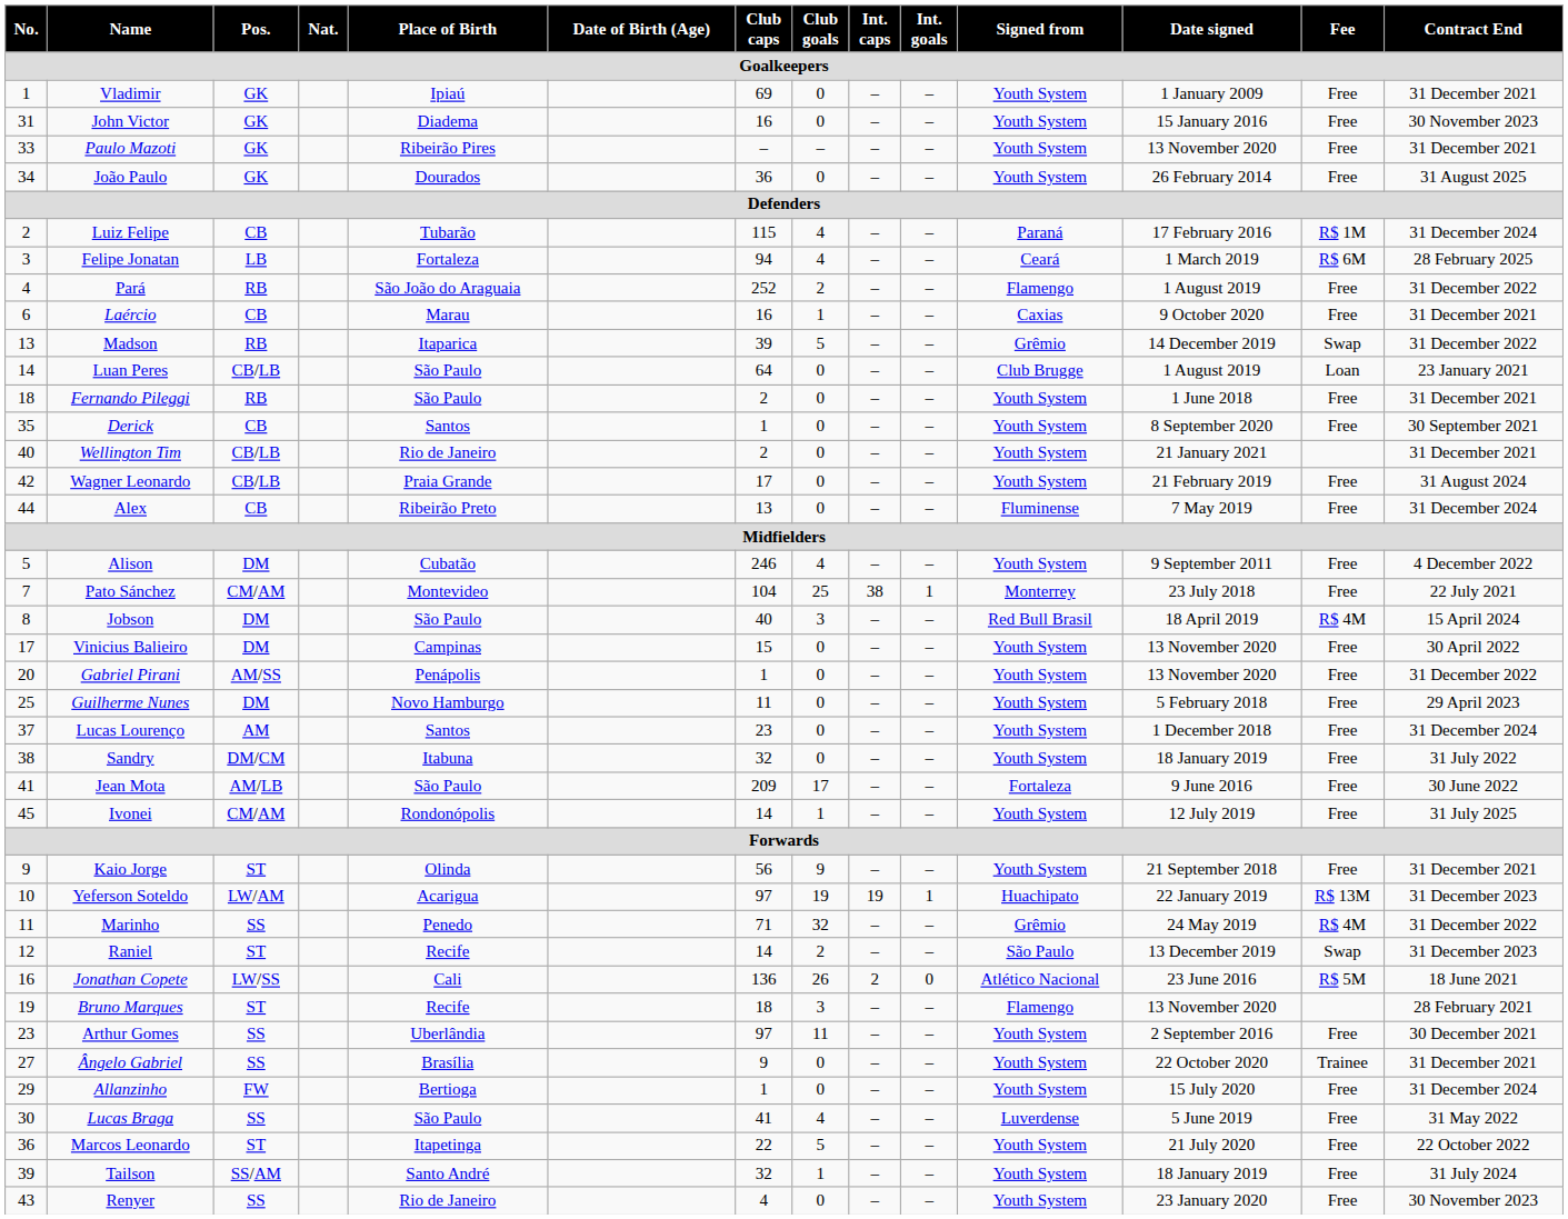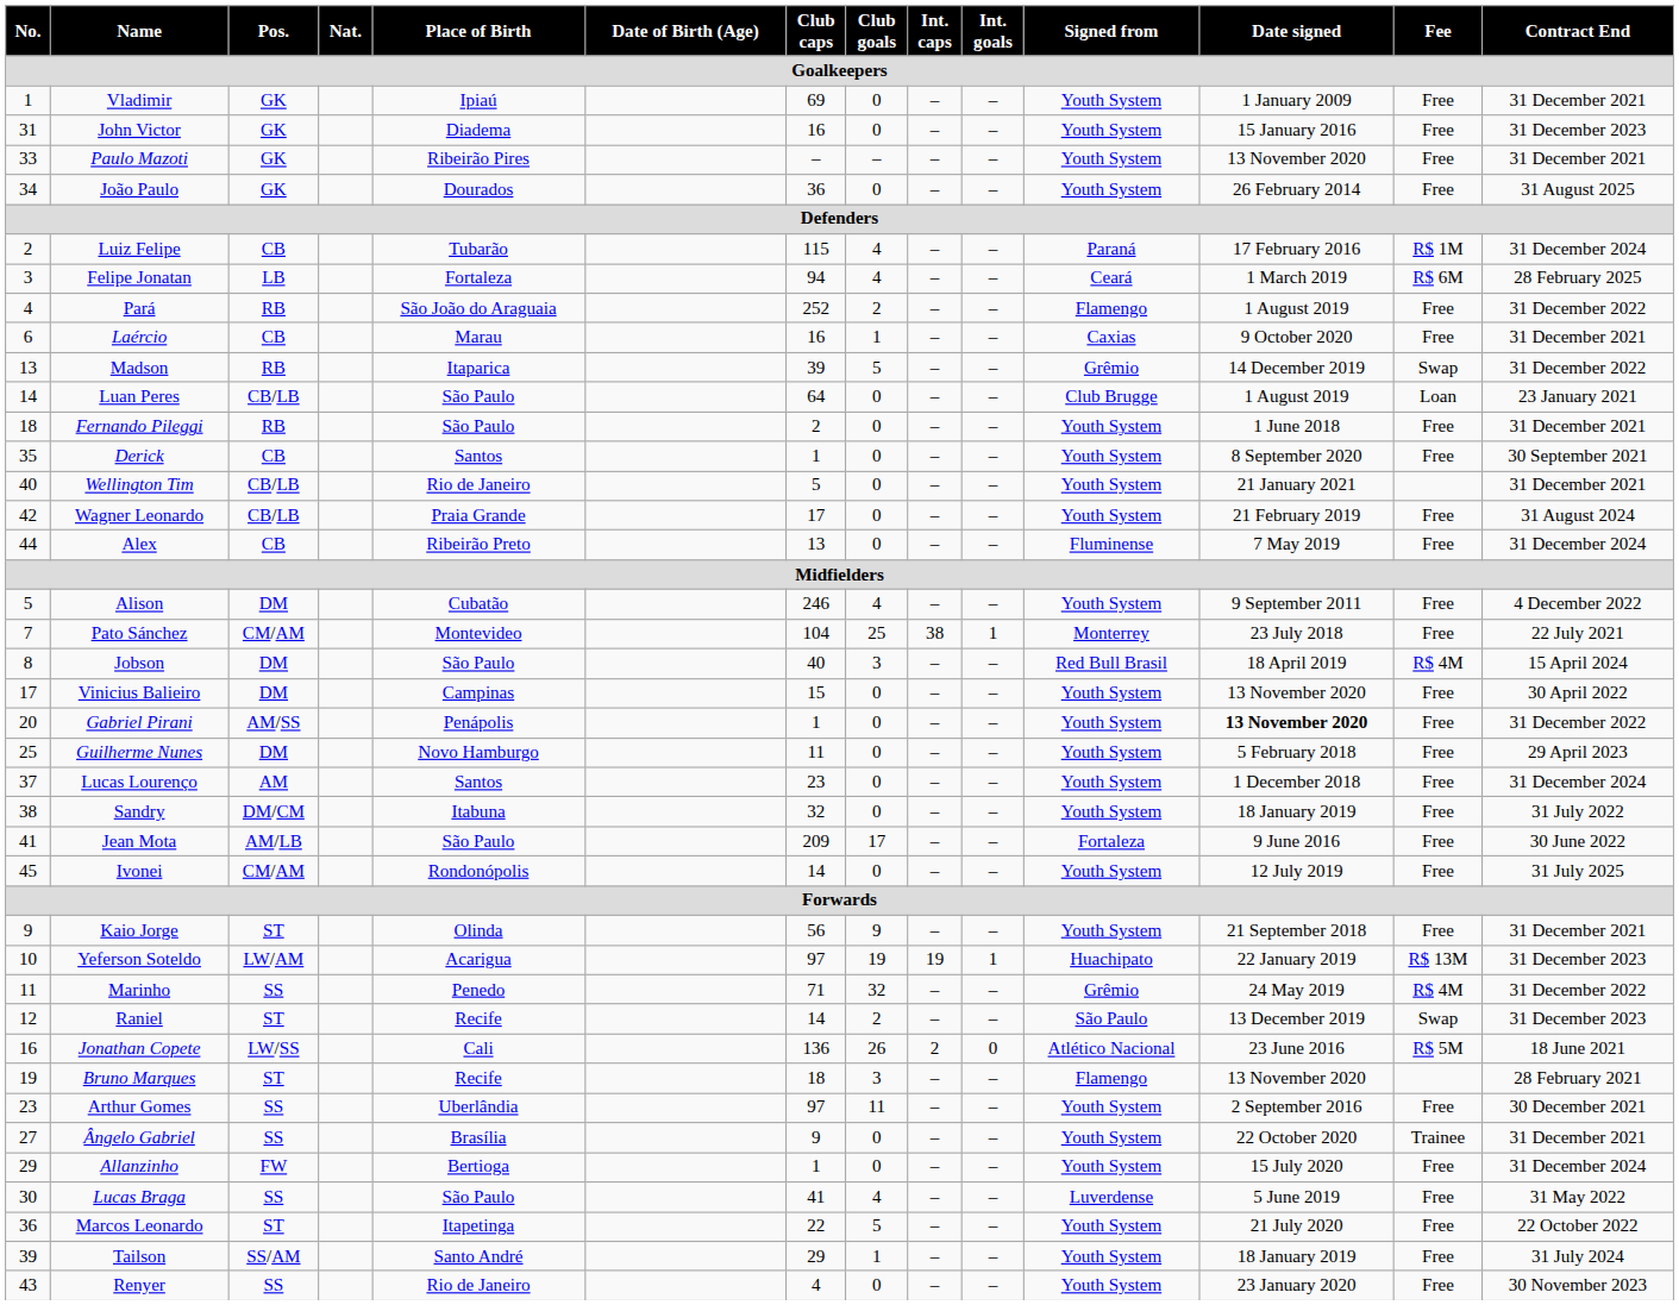 <table class="wikitable sortable" sortable style="text-align:center; font-size:85%; width:100%">
 <tr>
 <th style="background:#000000; color:#FFFFFF; text-align:center;">No.</th>
 <th style="background:#000000; color:#FFFFFF; text-align:center;">Name</th>
 <th style="background:#000000; color:#FFFFFF; text-align:center;">Pos.</th>
 <th style="background:#000000; color:#FFFFFF; text-align:center;">Nat.</th>
 <th style="background:#000000; color:#FFFFFF; text-align:center;">Place of Birth</th>
 <th style="background:#000000; color:#FFFFFF; text-align:center;">Date of Birth (Age)</th>
 <th style="background:#000000; color:#FFFFFF; text-align:center;">Club<br>caps</th>
 <th style="background:#000000; color:#FFFFFF; text-align:center;">Club<br>goals</th>
 <th style="background:#000000; color:#FFFFFF; text-align:center;">Int.<br>caps</th>
 <th style="background:#000000; color:#FFFFFF; text-align:center;">Int.<br>goals</th>
 <th style="background:#000000; color:#FFFFFF; text-align:center;">Signed from</th>
 <th style="background:#000000; color:#FFFFFF; text-align:center;">Date signed</th>
 <th style="background:#000000; color:#FFFFFF; text-align:center;">Fee</th>
 <th style="background:#000000; color:#FFFFFF; text-align:center;">Contract End</th>
 </tr>
 <tr>
 <th colspan="14" style="background:#dcdcdc; text-align:center;">Goalkeepers</th>
 </tr>
 <tr>
 <td>1</td>
 <td><a href='#'>Vladimir</a></td>
 <td><a href='#'>GK</a></td>
 <td></td>
 <td><a href='#'>Ipiaú</a> </td>
 <td></td>
 <td>69</td>
 <td>0</td>
 <td>–</td>
 <td>–</td>
 <td><a href='#'>Youth System</a></td>
 <td>1 January 2009</td>
 <td>Free</td>
 <td>31 December 2021</td>
 </tr>
 <tr>
 <td>31</td>
 <td><a href='#'>John Victor</a></td>
 <td><a href='#'>GK</a></td>
 <td></td>
 <td><a href='#'>Diadema</a> </td>
 <td></td>
 <td>16</td>
 <td>0</td>
 <td>–</td>
 <td>–</td>
 <td><a href='#'>Youth System</a></td>
 <td>15 January 2016</td>
 <td>Free</td>
-<td>30 November 2023<br> </td>
+<td>31 December 2023</td>
 </tr>
 <tr>
 <td>33</td>
 <td><em><a href='#'>Paulo Mazoti</a></em></td>
 <td><a href='#'>GK</a></td>
 <td></td>
 <td><a href='#'>Ribeirão Pires</a> </td>
 <td></td>
 <td>–</td>
 <td>–</td>
 <td>–</td>
 <td>–</td>
 <td><a href='#'>Youth System</a></td>
 <td>13 November 2020</td>
 <td>Free</td>
 <td>31 December 2021</td>
 </tr>
 <tr>
 <td>34</td>
 <td><a href='#'>João Paulo</a></td>
 <td><a href='#'>GK</a></td>
 <td></td>
 <td><a href='#'>Dourados</a> </td>
 <td></td>
 <td>36</td>
 <td>0</td>
 <td>–</td>
 <td>–</td>
 <td><a href='#'>Youth System</a></td>
 <td>26 February 2014</td>
 <td>Free</td>
 <td>31 August 2025</td>
 </tr>
 <tr>
 <th colspan="14" style="background:#dcdcdc; text-align:center;">Defenders</th>
 </tr>
 <tr>
 <td>2</td>
 <td><a href='#'>Luiz Felipe</a></td>
 <td><a href='#'>CB</a></td>
 <td></td>
 <td><a href='#'>Tubarão</a> </td>
 <td></td>
 <td>115</td>
 <td>4</td>
 <td>–</td>
 <td>–</td>
 <td><a href='#'>Paraná</a></td>
 <td>17 February 2016</td>
 <td><a href='#'>R$</a> 1M</td>
 <td>31 December 2024</td>
 </tr>
 <tr>
 <td>3</td>
 <td><a href='#'>Felipe Jonatan</a></td>
 <td><a href='#'>LB</a></td>
 <td></td>
 <td><a href='#'>Fortaleza</a> </td>
 <td></td>
 <td>94</td>
 <td>4</td>
 <td>–</td>
 <td>–</td>
 <td><a href='#'>Ceará</a></td>
 <td>1 March 2019</td>
 <td><a href='#'>R$</a> 6M</td>
 <td>28 February 2025</td>
 </tr>
 <tr>
 <td>4</td>
 <td><a href='#'>Pará</a></td>
 <td><a href='#'>RB</a></td>
 <td></td>
 <td><a href='#'>São João do Araguaia</a> </td>
 <td></td>
 <td>252</td>
 <td>2</td>
 <td>–</td>
 <td>–</td>
 <td><a href='#'>Flamengo</a></td>
 <td>1 August 2019</td>
 <td>Free</td>
 <td>31 December 2022</td>
 </tr>
 <tr>
 <td>6</td>
 <td><em><a href='#'>Laércio</a></em></td>
 <td><a href='#'>CB</a></td>
 <td></td>
 <td><a href='#'>Marau</a> </td>
 <td></td>
 <td>16</td>
 <td>1</td>
 <td>–</td>
 <td>–</td>
 <td><a href='#'>Caxias</a></td>
 <td>9 October 2020</td>
 <td>Free</td>
 <td>31 December 2021</td>
 </tr>
 <tr>
 <td>13</td>
 <td><a href='#'>Madson</a></td>
 <td><a href='#'>RB</a></td>
 <td></td>
 <td><a href='#'>Itaparica</a> </td>
 <td></td>
 <td>39</td>
 <td>5</td>
 <td>–</td>
 <td>–</td>
 <td><a href='#'>Grêmio</a></td>
 <td>14 December 2019</td>
 <td>Swap</td>
 <td>31 December 2022</td>
 </tr>
 <tr>
 <td>14</td>
 <td><a href='#'>Luan Peres</a></td>
 <td><a href='#'>CB</a>/<a href='#'>LB</a></td>
 <td></td>
 <td><a href='#'>São Paulo</a> </td>
 <td></td>
 <td>64</td>
 <td>0</td>
 <td>–</td>
 <td>–</td>
 <td><a href='#'>Club Brugge</a> </td>
 <td>1 August 2019</td>
 <td>Loan</td>
 <td>23 January 2021</td>
 </tr>
 <tr>
 <td>18</td>
 <td><em><a href='#'>Fernando Pileggi</a></em></td>
 <td><a href='#'>RB</a></td>
 <td></td>
 <td><a href='#'>São Paulo</a> </td>
 <td></td>
 <td>2</td>
 <td>0</td>
 <td>–</td>
 <td>–</td>
 <td><a href='#'>Youth System</a></td>
 <td>1 June 2018</td>
 <td>Free</td>
 <td>31 December 2021</td>
 </tr>
 <tr>
 <td>35</td>
 <td><em><a href='#'>Derick</a></em></td>
 <td><a href='#'>CB</a></td>
 <td></td>
 <td><a href='#'>Santos</a> </td>
 <td></td>
 <td>1</td>
 <td>0</td>
 <td>–</td>
 <td>–</td>
 <td><a href='#'>Youth System</a></td>
 <td>8 September 2020</td>
 <td>Free</td>
 <td>30 September 2021</td>
 </tr>
 <tr>
 <td>40</td>
 <td><em><a href='#'>Wellington Tim</a></em></td>
 <td><a href='#'>CB</a>/<a href='#'>LB</a></td>
 <td></td>
 <td><a href='#'>Rio de Janeiro</a> </td>
 <td></td>
-<td>2</td>
+<td>5</td>
 <td>0</td>
 <td>–</td>
 <td>–</td>
 <td><a href='#'>Youth System</a></td>
 <td>21 January 2021</td>
 <td></td>
 <td>31 December 2021</td>
 </tr>
 <tr>
 <td>42</td>
 <td><a href='#'>Wagner Leonardo</a></td>
 <td><a href='#'>CB</a>/<a href='#'>LB</a></td>
 <td></td>
 <td><a href='#'>Praia Grande</a> </td>
 <td></td>
 <td>17</td>
 <td>0</td>
 <td>–</td>
 <td>–</td>
 <td><a href='#'>Youth System</a></td>
 <td>21 February 2019</td>
 <td>Free</td>
 <td>31 August 2024</td>
 </tr>
 <tr>
 <td>44</td>
 <td><a href='#'>Alex</a></td>
 <td><a href='#'>CB</a></td>
 <td></td>
 <td><a href='#'>Ribeirão Preto</a> </td>
 <td></td>
 <td>13</td>
 <td>0</td>
 <td>–</td>
 <td>–</td>
 <td><a href='#'>Fluminense</a></td>
 <td>7 May 2019</td>
 <td>Free</td>
 <td>31 December 2024<br>   </td>
 </tr>
 <tr>
 <th colspan="14" style="background:#dcdcdc; text-align:center;">Midfielders</th>
 </tr>
 <tr>
 <td>5</td>
 <td><a href='#'>Alison</a></td>
 <td><a href='#'>DM</a></td>
 <td></td>
 <td><a href='#'>Cubatão</a> </td>
 <td></td>
 <td>246</td>
 <td>4</td>
 <td>–</td>
 <td>–</td>
 <td><a href='#'>Youth System</a></td>
 <td>9 September 2011</td>
 <td>Free</td>
 <td>4 December 2022</td>
 </tr>
 <tr>
 <td>7</td>
 <td><a href='#'>Pato Sánchez</a></td>
 <td><a href='#'>CM</a>/<a href='#'>AM</a></td>
 <td></td>
 <td><a href='#'>Montevideo</a></td>
 <td></td>
 <td>104</td>
 <td>25</td>
 <td>38</td>
 <td>1</td>
 <td><a href='#'>Monterrey</a> </td>
 <td>23 July 2018</td>
 <td>Free</td>
 <td>22 July 2021</td>
 </tr>
 <tr>
 <td>8</td>
 <td><a href='#'>Jobson</a></td>
 <td><a href='#'>DM</a></td>
 <td></td>
 <td><a href='#'>São Paulo</a> </td>
 <td></td>
 <td>40</td>
 <td>3</td>
 <td>–</td>
 <td>–</td>
 <td><a href='#'>Red Bull Brasil</a></td>
 <td>18 April 2019</td>
 <td><a href='#'>R$</a> 4M</td>
 <td>15 April 2024</td>
 </tr>
 <tr>
 <td>17</td>
 <td><a href='#'>Vinicius Balieiro</a></td>
 <td><a href='#'>DM</a></td>
 <td></td>
 <td><a href='#'>Campinas</a> </td>
 <td></td>
 <td>15</td>
 <td>0</td>
 <td>–</td>
 <td>–</td>
 <td><a href='#'>Youth System</a></td>
 <td>13 November 2020</td>
 <td>Free</td>
 <td>30 April 2022</td>
 </tr>
 <tr>
 <td>20</td>
 <td><em><a href='#'>Gabriel Pirani</a></em></td>
 <td><a href='#'>AM</a>/<a href='#'>SS</a></td>
 <td></td>
 <td><a href='#'>Penápolis</a> </td>
 <td></td>
 <td>1</td>
 <td>0</td>
 <td>–</td>
 <td>–</td>
 <td><a href='#'>Youth System</a></td>
-<td>13 November 2020</td>
+<td><strong>13 November 2020</strong></td>
 <td>Free</td>
 <td>31 December 2022</td>
 </tr>
 <tr>
 <td>25</td>
 <td><em><a href='#'>Guilherme Nunes</a></em></td>
 <td><a href='#'>DM</a></td>
 <td></td>
 <td><a href='#'>Novo Hamburgo</a> </td>
 <td></td>
 <td>11</td>
 <td>0</td>
 <td>–</td>
 <td>–</td>
 <td><a href='#'>Youth System</a></td>
 <td>5 February 2018</td>
 <td>Free</td>
 <td>29 April 2023<br></td>
 </tr>
 <tr>
 <td>37</td>
 <td><a href='#'>Lucas Lourenço</a></td>
 <td><a href='#'>AM</a></td>
 <td></td>
 <td><a href='#'>Santos</a> </td>
 <td></td>
 <td>23</td>
 <td>0</td>
 <td>–</td>
 <td>–</td>
 <td><a href='#'>Youth System</a></td>
 <td>1 December 2018</td>
 <td>Free</td>
 <td>31 December 2024</td>
 </tr>
 <tr>
 <td>38</td>
 <td><a href='#'>Sandry</a></td>
 <td><a href='#'>DM</a>/<a href='#'>CM</a></td>
 <td></td>
 <td><a href='#'>Itabuna</a> </td>
 <td></td>
 <td>32</td>
 <td>0</td>
 <td>–</td>
 <td>–</td>
 <td><a href='#'>Youth System</a></td>
 <td>18 January 2019</td>
 <td>Free</td>
 <td>31 July 2022<br></td>
 </tr>
 <tr>
 <td>41</td>
 <td><a href='#'>Jean Mota</a></td>
 <td><a href='#'>AM</a>/<a href='#'>LB</a></td>
 <td></td>
 <td><a href='#'>São Paulo</a> </td>
 <td></td>
 <td>209</td>
 <td>17</td>
 <td>–</td>
 <td>–</td>
 <td><a href='#'>Fortaleza</a></td>
 <td>9 June 2016</td>
 <td>Free</td>
 <td>30 June 2022</td>
 </tr>
 <tr>
 <td>45</td>
 <td><a href='#'>Ivonei</a></td>
 <td><a href='#'>CM</a>/<a href='#'>AM</a></td>
 <td></td>
 <td><a href='#'>Rondonópolis</a> </td>
 <td></td>
 <td>14</td>
-<td>1</td>
+<td>0</td>
 <td>–</td>
 <td>–</td>
 <td><a href='#'>Youth System</a></td>
 <td>12 July 2019</td>
 <td>Free</td>
 <td>31 July 2025</td>
 </tr>
 <tr>
 <th colspan="14" style="background:#dcdcdc; text-align=center;">Forwards</th>
 </tr>
 <tr>
 <td>9</td>
 <td><a href='#'>Kaio Jorge</a></td>
 <td><a href='#'>ST</a></td>
 <td></td>
 <td><a href='#'>Olinda</a> </td>
 <td></td>
 <td>56</td>
 <td>9</td>
 <td>–</td>
 <td>–</td>
 <td><a href='#'>Youth System</a></td>
 <td>21 September 2018</td>
 <td>Free</td>
 <td>31 December 2021</td>
 </tr>
 <tr>
 <td>10</td>
 <td><a href='#'>Yeferson Soteldo</a></td>
 <td><a href='#'>LW</a>/<a href='#'>AM</a></td>
 <td></td>
 <td><a href='#'>Acarigua</a></td>
 <td></td>
 <td>97</td>
 <td>19</td>
 <td>19</td>
 <td>1</td>
 <td><a href='#'>Huachipato</a> </td>
 <td>22 January 2019</td>
 <td><a href='#'>R$</a> 13M</td>
 <td>31 December 2023</td>
 </tr>
 <tr>
 <td>11</td>
 <td><a href='#'>Marinho</a></td>
 <td><a href='#'>SS</a></td>
 <td></td>
 <td><a href='#'>Penedo</a> </td>
 <td></td>
 <td>71</td>
 <td>32</td>
 <td>–</td>
 <td>–</td>
 <td><a href='#'>Grêmio</a></td>
 <td>24 May 2019</td>
 <td><a href='#'>R$</a> 4M</td>
 <td>31 December 2022</td>
 </tr>
 <tr>
 <td>12</td>
 <td><a href='#'>Raniel</a></td>
 <td><a href='#'>ST</a></td>
 <td></td>
 <td><a href='#'>Recife</a> </td>
 <td></td>
 <td>14</td>
 <td>2</td>
 <td>–</td>
 <td>–</td>
 <td><a href='#'>São Paulo</a></td>
 <td>13 December 2019</td>
 <td>Swap</td>
 <td>31 December 2023</td>
 </tr>
 <tr>
 <td>16</td>
 <td><em><a href='#'>Jonathan Copete</a></em></td>
 <td><a href='#'>LW</a>/<a href='#'>SS</a></td>
 <td></td>
 <td><a href='#'>Cali</a></td>
 <td></td>
 <td>136</td>
 <td>26</td>
 <td>2</td>
 <td>0</td>
 <td><a href='#'>Atlético Nacional</a> </td>
 <td>23 June 2016</td>
 <td><a href='#'>R$</a> 5M</td>
 <td>18 June 2021</td>
 </tr>
 <tr>
 <td>19</td>
 <td><em><a href='#'>Bruno Marques</a></em></td>
 <td><a href='#'>ST</a></td>
 <td></td>
 <td><a href='#'>Recife</a> </td>
 <td></td>
 <td>18</td>
 <td>3</td>
 <td>–</td>
 <td>–</td>
 <td><a href='#'>Flamengo</a></td>
 <td>13 November 2020</td>
 <td></td>
 <td>28 February 2021</td>
 </tr>
 <tr>
 <td>23</td>
 <td><a href='#'>Arthur Gomes</a></td>
 <td><a href='#'>SS</a></td>
 <td></td>
 <td><a href='#'>Uberlândia</a> </td>
 <td></td>
 <td>97</td>
 <td>11</td>
 <td>–</td>
 <td>–</td>
 <td><a href='#'>Youth System</a></td>
 <td>2 September 2016</td>
 <td>Free</td>
 <td>30 December 2021</td>
 </tr>
 <tr>
 <td>27</td>
 <td><em><a href='#'>Ângelo Gabriel</a></em></td>
 <td><a href='#'>SS</a></td>
 <td></td>
 <td><a href='#'>Brasília</a> </td>
 <td></td>
 <td>9</td>
 <td>0</td>
 <td>–</td>
 <td>–</td>
 <td><a href='#'>Youth System</a></td>
 <td>22 October 2020</td>
 <td>Trainee</td>
 <td>31 December 2021</td>
 </tr>
 <tr>
 <td>29</td>
 <td><em><a href='#'>Allanzinho</a></em></td>
 <td><a href='#'>FW</a></td>
 <td></td>
 <td><a href='#'>Bertioga</a> </td>
 <td></td>
 <td>1</td>
 <td>0</td>
 <td>–</td>
 <td>–</td>
 <td><a href='#'>Youth System</a></td>
 <td>15 July 2020</td>
 <td>Free</td>
 <td>31 December 2024</td>
 </tr>
 <tr>
 <td>30</td>
 <td><em><a href='#'>Lucas Braga</a></em></td>
 <td><a href='#'>SS</a></td>
 <td></td>
 <td><a href='#'>São Paulo</a> </td>
 <td></td>
 <td>41</td>
 <td>4</td>
 <td>–</td>
 <td>–</td>
 <td><a href='#'>Luverdense</a></td>
 <td>5 June 2019</td>
 <td>Free</td>
 <td>31 May 2022</td>
 </tr>
 <tr>
 <td>36</td>
 <td><a href='#'>Marcos Leonardo</a></td>
 <td><a href='#'>ST</a></td>
 <td></td>
 <td><a href='#'>Itapetinga</a> </td>
 <td></td>
 <td>22</td>
 <td>5</td>
 <td>–</td>
 <td>–</td>
 <td><a href='#'>Youth System</a></td>
 <td>21 July 2020</td>
 <td>Free</td>
 <td>22 October 2022<br></td>
 </tr>
 <tr>
 <td>39</td>
 <td><a href='#'>Tailson</a></td>
 <td><a href='#'>SS</a>/<a href='#'>AM</a></td>
 <td></td>
 <td><a href='#'>Santo André</a> </td>
 <td></td>
-<td>32</td>
+<td>29</td>
 <td>1</td>
 <td>–</td>
 <td>–</td>
 <td><a href='#'>Youth System</a></td>
 <td>18 January 2019</td>
 <td>Free</td>
 <td>31 July 2024</td>
 </tr>
 <tr>
 <td>43</td>
 <td><a href='#'>Renyer</a></td>
 <td><a href='#'>SS</a></td>
 <td></td>
 <td><a href='#'>Rio de Janeiro</a> </td>
 <td></td>
 <td>4</td>
 <td>0</td>
 <td>–</td>
 <td>–</td>
 <td><a href='#'>Youth System</a></td>
 <td>23 January 2020</td>
 <td>Free</td>
 <td>30 November 2023<br> </td>
 </tr>
 </table>
